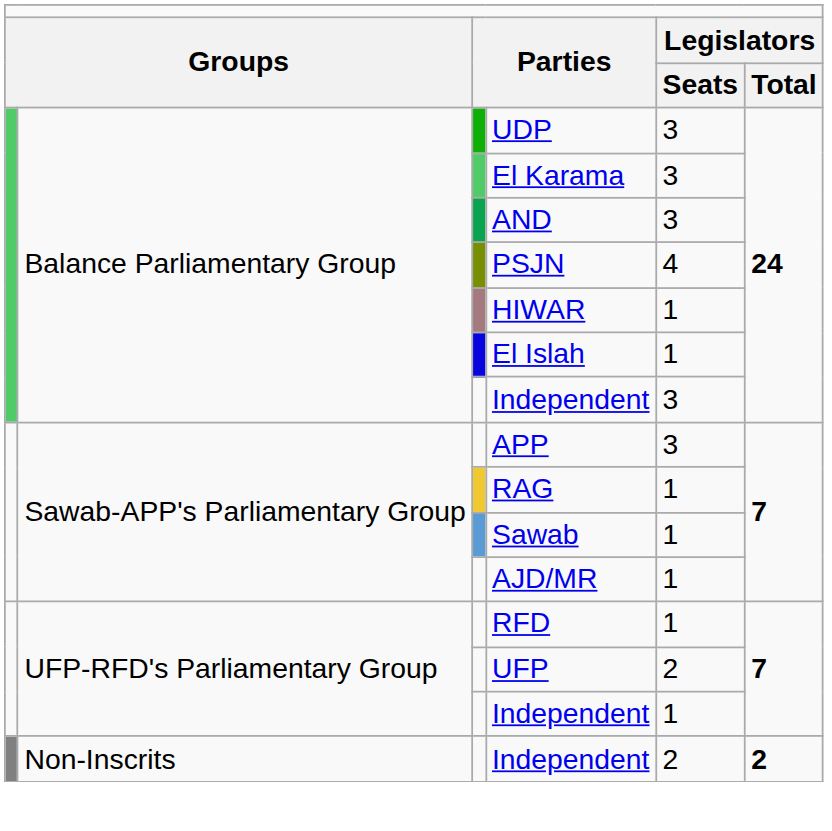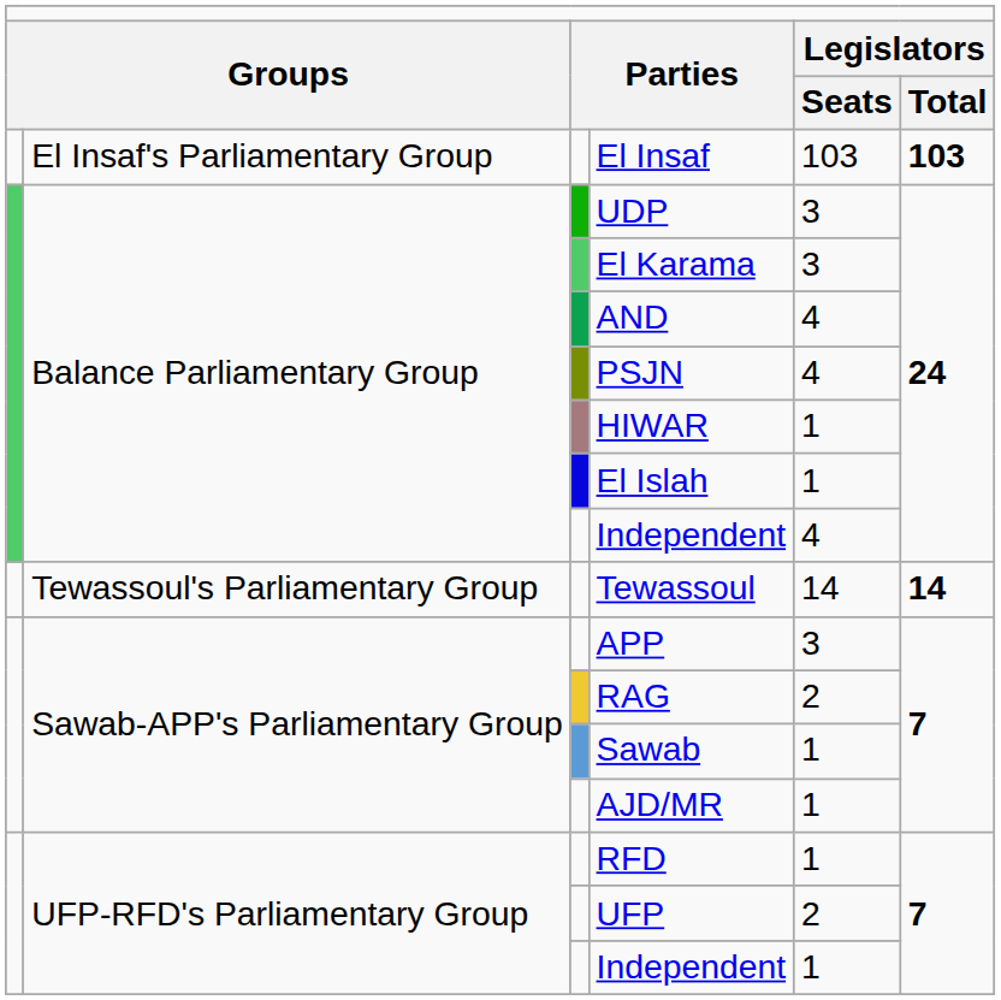 <table class="wikitable" style="text-align:left;">
 <tr>
 <td colspan="6"></td>
 </tr>
 <tr>
 <th rowspan="2" colspan="2">Groups</th>
 <th rowspan="2" colspan="2">Parties</th>
 <th colspan="2">Legislators</th>
 </tr>
 <tr>
 <th>Seats</th>
 <th>Total</th>
+</tr>
+<tr>
+<td width="1" style="color:inherit;background:"></td>
+<td>El Insaf's Parliamentary Group</td>
+<td width="1" style="color:inherit;background:"></td>
+<td><a href='#'>El Insaf</a></td>
+<td>103</td>
+<td><strong>103</strong></td>
 </tr>
 <tr>
 <td rowspan="7" bgcolor="#4FCB68"></td>
 <td rowspan="7">Balance Parliamentary Group</td>
 <td style="color:inherit;background:#0FAF05"></td>
 <td><a href='#'>UDP</a></td>
 <td>3</td>
 <td rowspan="7"><strong>24</strong></td>
 </tr>
 <tr>
 <td style="color:inherit;background:#4FCB68"></td>
 <td><a href='#'>El Karama</a></td>
 <td>3</td>
 </tr>
 <tr>
 <td style="color:inherit;background:#0AA450"></td>
 <td><a href='#'>AND</a></td>
-<td>3</td>
+<td>4</td>
 </tr>
 <tr>
 <td style="color:inherit;background:#788F02"></td>
 <td><a href='#'>PSJN</a></td>
 <td>4</td>
 </tr>
 <tr>
 <td style="color:inherit;background:#A47A7E"></td>
 <td><a href='#'>HIWAR</a></td>
 <td>1</td>
 </tr>
 <tr>
 <td style="color:inherit;background:#0605DD"></td>
 <td><a href='#'>El Islah</a></td>
 <td>1</td>
 </tr>
 <tr>
 <td style="color:inherit;background:"></td>
 <td><a href='#'>Independent</a></td>
-<td>3</td>
+<td>4</td>
+</tr>
+<tr>
+<td style="color:inherit;background:"></td>
+<td>Tewassoul's Parliamentary Group</td>
+<td style="color:inherit;background:"></td>
+<td><a href='#'>Tewassoul</a></td>
+<td>14</td>
+<td><strong>14</strong></td>
 </tr>
 <tr>
 <td rowspan="4" style="color:inherit;background:"></td>
 <td rowspan="4">Sawab-APP's Parliamentary Group</td>
 <td style="color:inherit;background:"></td>
 <td><a href='#'>APP</a></td>
 <td>3</td>
 <td rowspan="4"><strong>7</strong></td>
 </tr>
 <tr>
 <td style="color:inherit;background:#F0C832"></td>
 <td><a href='#'>RAG</a></td>
-<td>1</td>
+<td>2</td>
 </tr>
 <tr>
 <td style="color:inherit;background:#5B9BD5"></td>
 <td><a href='#'>Sawab</a></td>
 <td>1</td>
 </tr>
 <tr>
 <td style="color:inherit;background:"></td>
 <td><a href='#'>AJD/MR</a></td>
 <td>1</td>
 </tr>
 <tr>
 <td rowspan="3" style="color:inherit;background:"></td>
 <td rowspan="3">UFP-RFD's Parliamentary Group</td>
 <td style="color:inherit;background:"></td>
 <td><a href='#'>RFD</a></td>
 <td>1</td>
 <td rowspan="3"><strong>7</strong></td>
 </tr>
 <tr>
 <td style="color:inherit;background:"></td>
 <td><a href='#'>UFP</a></td>
 <td>2</td>
 </tr>
 <tr>
 <td style="color:inherit;background:"></td>
 <td><a href='#'>Independent</a></td>
 <td>1</td>
 </tr>
-<tr>
-<td bgcolor="gray"></td>
-<td>Non-Inscrits</td>
-<td style="color:inherit;background:"></td>
-<td><a href='#'>Independent</a></td>
-<td>2</td>
-<td><strong>2</strong></td>
-</tr>
 </table>
